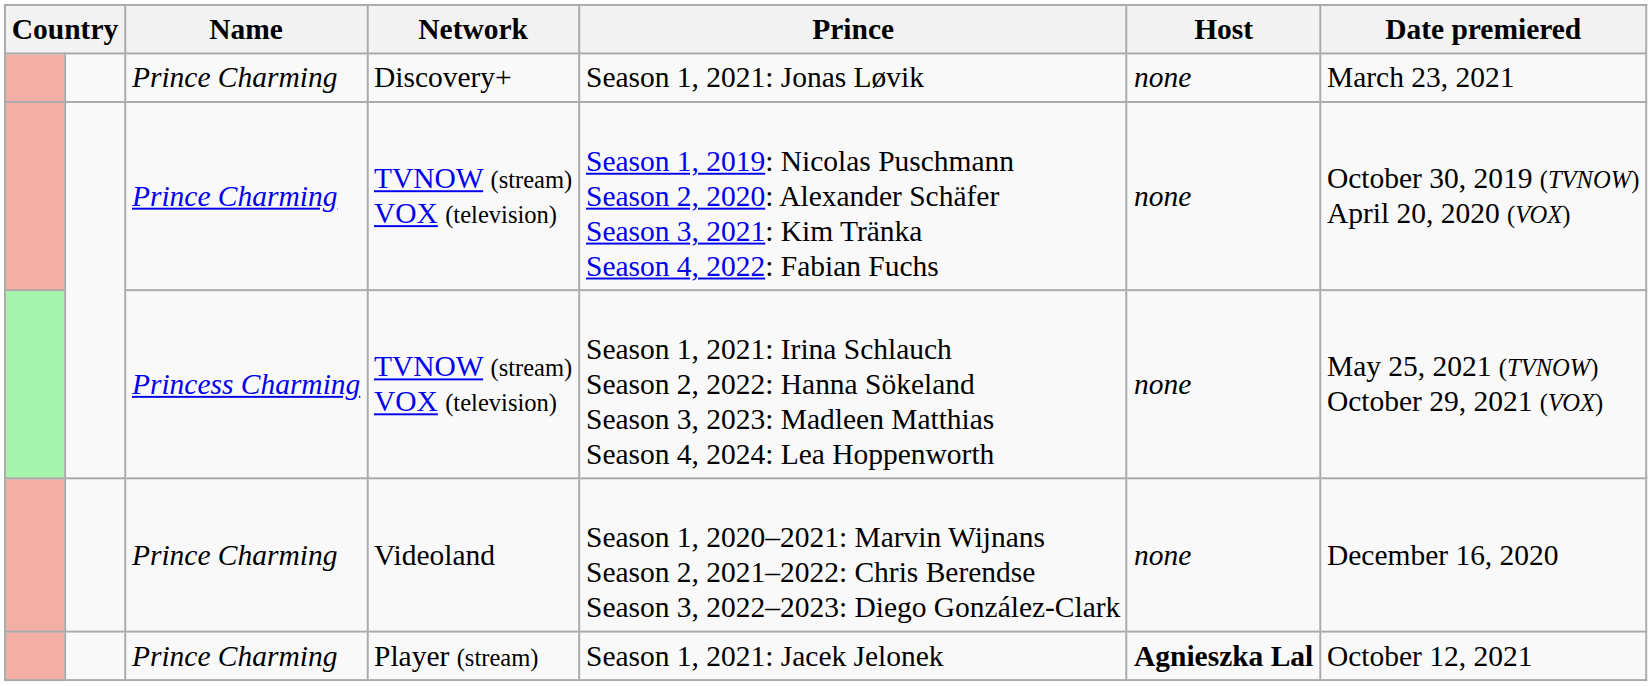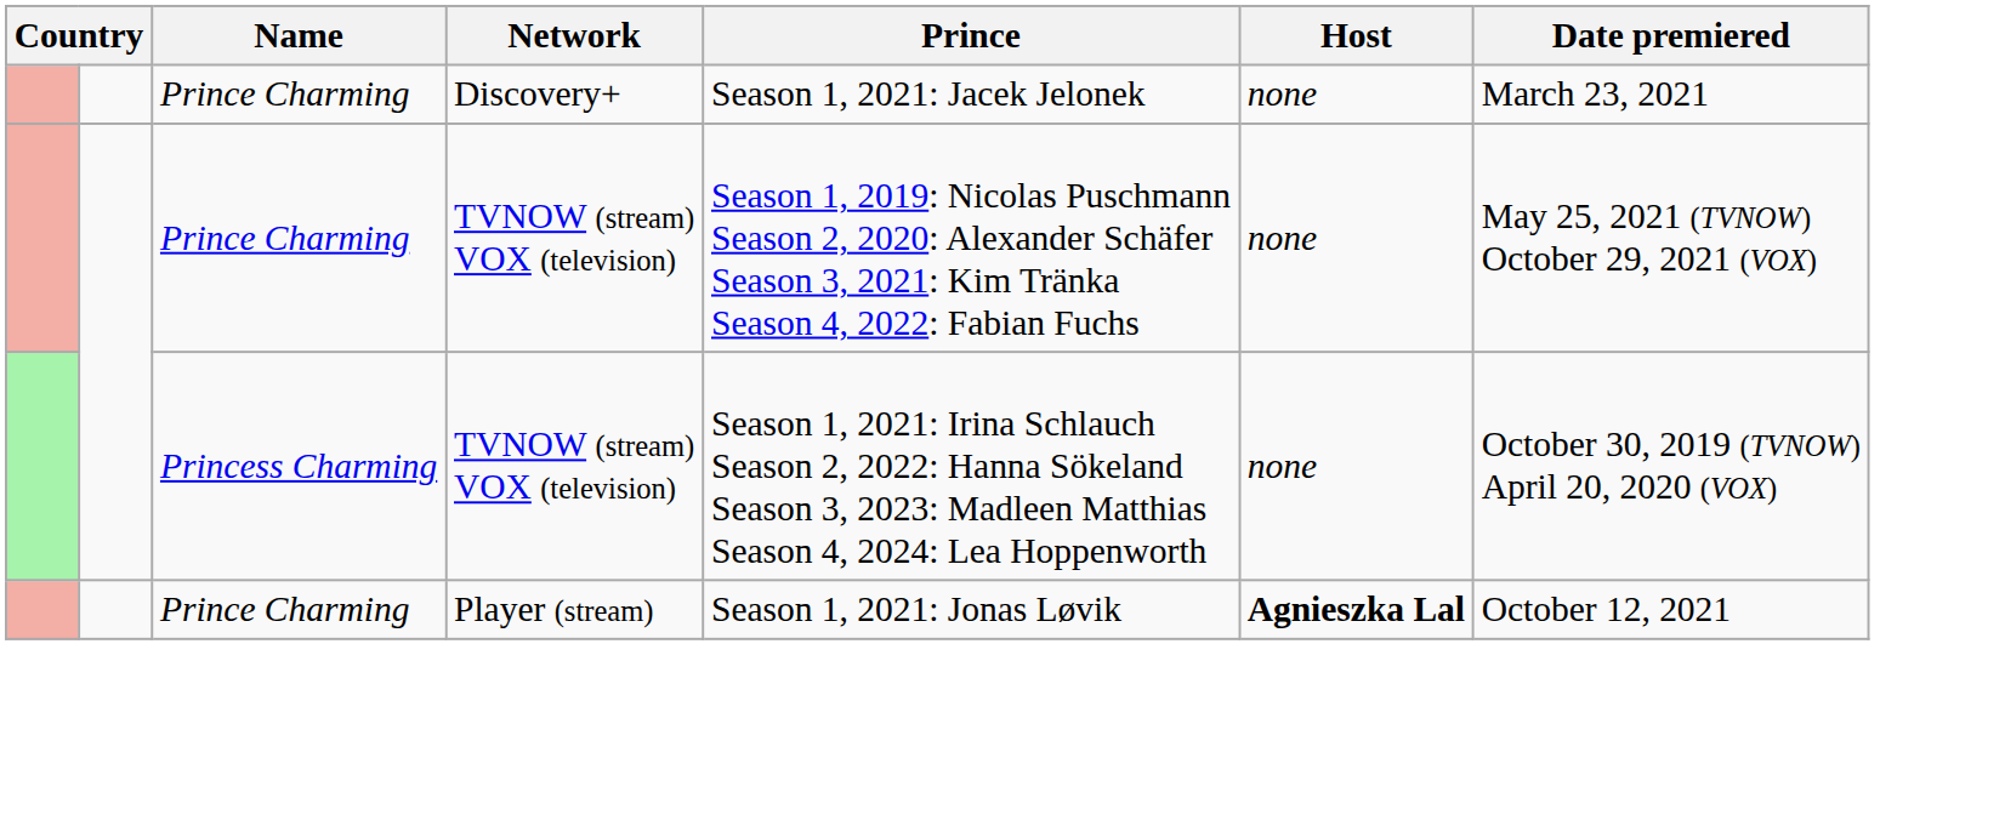 <table class="wikitable" style="text-align:left; font-size:95%">
 <tr>
 <th colspan="2">Country</th>
 <th>Name</th>
 <th>Network</th>
 <th>Prince</th>
 <th>Host</th>
 <th>Date premiered</th>
 </tr>
 <tr>
 <td style="background:#F3AEA6"></td>
 <td><strong></strong></td>
 <td><em>Prince Charming</em></td>
 <td>Discovery+</td>
-<td>Season 1, 2021: Jonas Løvik</td>
+<td>Season 1, 2021: Jacek Jelonek</td>
 <td><em>none</em></td>
 <td>March 23, 2021</td>
 </tr>
 <tr>
 <td style="background:#F3AEA6"></td>
 <td rowspan="2"><strong></strong></td>
 <td><em><a href='#'>Prince Charming</a></em></td>
 <td><a href='#'>TVNOW</a> <small>(stream)</small><br><a href='#'>VOX</a> <small>(television)</small></td>
 <td><br><a href='#'>Season 1, 2019</a>: Nicolas Puschmann <br><a href='#'>Season 2, 2020</a>: Alexander Schäfer <br><a href='#'>Season 3, 2021</a>: Kim Tränka <br><a href='#'>Season 4, 2022</a>: Fabian Fuchs</td>
 <td><em>none</em></td>
-<td>October 30, 2019 <small>(<em>TVNOW</em>)</small><br>April 20, 2020 <small>(<em>VOX</em>)</small></td>
+<td>May 25, 2021 <small>(<em>TVNOW</em>)</small><br>October 29, 2021 <small>(<em>VOX</em>)</small></td>
 </tr>
 <tr>
 <td style="background:#A6F3AB"></td>
 <td><em><a href='#'>Princess Charming</a></em></td>
 <td><a href='#'>TVNOW</a> <small>(stream)</small><br><a href='#'>VOX</a> <small>(television)</small></td>
 <td><br>Season 1, 2021: Irina Schlauch <br>Season 2, 2022: Hanna Sökeland <br>Season 3, 2023: Madleen Matthias <br>Season 4, 2024: Lea Hoppenworth</td>
 <td><em>none</em></td>
-<td>May 25, 2021 <small>(<em>TVNOW</em>)</small><br>October 29, 2021 <small>(<em>VOX</em>)</small></td>
-</tr>
-<tr>
-<td style="background:#F3AEA6"></td>
-<td><strong></strong></td>
-<td><em>Prince Charming</em></td>
-<td>Videoland</td>
-<td><br>Season 1, 2020–2021: Marvin Wijnans <br>Season 2, 2021–2022: Chris Berendse <br>Season 3, 2022–2023: Diego González-Clark</td>
-<td><em>none</em></td>
-<td>December 16, 2020</td>
+<td>October 30, 2019 <small>(<em>TVNOW</em>)</small><br>April 20, 2020 <small>(<em>VOX</em>)</small></td>
 </tr>
 <tr>
 <td style="background:#F3AEA6"></td>
 <td><strong></strong></td>
 <td><em>Prince Charming</em></td>
 <td>Player <small>(stream)</small></td>
-<td>Season 1, 2021: Jacek Jelonek</td>
+<td>Season 1, 2021: Jonas Løvik</td>
 <td><strong>Agnieszka Lal</strong></td>
 <td>October 12, 2021</td>
 </tr>
 </table>
